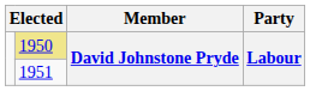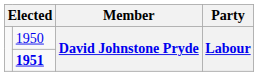 <table class="wikitable">
 <tr>
 <th colspan="2">Elected</th>
 <th>Member</th>
 <th>Party</th>
 </tr>
 <tr>
 <td rowspan="2" style="color:inherit;background-color: "></td>
-<td style="background: khaki;"><a href='#'>1950</a></td>
+<td><a href='#'>1950</a></td>
 <th rowspan="2"><a href='#'>David Johnstone Pryde</a></th>
 <th rowspan="2"><a href='#'>Labour</a></th>
 </tr>
 <tr>
-<td><a href='#'>1951</a></td>
+<td><strong><a href='#'>1951</a></strong></td>
 </tr>
 </table>
